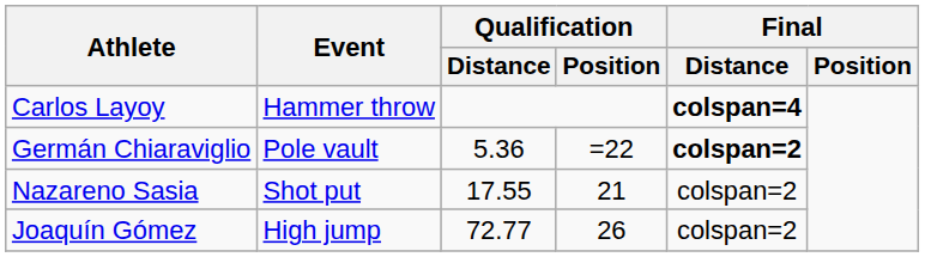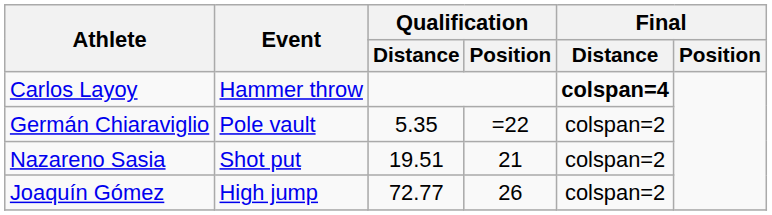 <table class=wikitable style=font-size:90%>
 <tr>
 <th rowspan=2>Athlete</th>
 <th rowspan=2>Event</th>
 <th colspan=2>Qualification</th>
 <th colspan=2>Final</th>
 </tr>
 <tr style=font-size:95%>
 <th>Distance</th>
 <th>Position</th>
 <th>Distance</th>
 <th>Position</th>
 </tr>
 <tr align=center>
 <td align=left><a href='#'>Carlos Layoy</a></td>
 <td align=left><a href='#'>Hammer throw</a></td>
 <td colspan=2></td>
 <td><strong>colspan=4 </strong></td>
 </tr>
 <tr align=center>
 <td align=left><a href='#'>Germán Chiaraviglio</a></td>
 <td align=left><a href='#'>Pole vault</a></td>
-<td>5.36</td>
+<td>5.35</td>
 <td>=22</td>
-<td><strong>colspan=2 </strong></td>
+<td>colspan=2 </td>
 </tr>
 <tr align=center>
 <td align=left><a href='#'>Nazareno Sasia</a></td>
 <td align=left><a href='#'>Shot put</a></td>
-<td>17.55</td>
+<td>19.51</td>
 <td>21</td>
 <td>colspan=2 </td>
 </tr>
 <tr align=center>
 <td align=left><a href='#'>Joaquín Gómez</a></td>
 <td align=left><a href='#'>High jump</a></td>
 <td>72.77</td>
 <td>26</td>
 <td>colspan=2 </td>
 </tr>
 </table>
